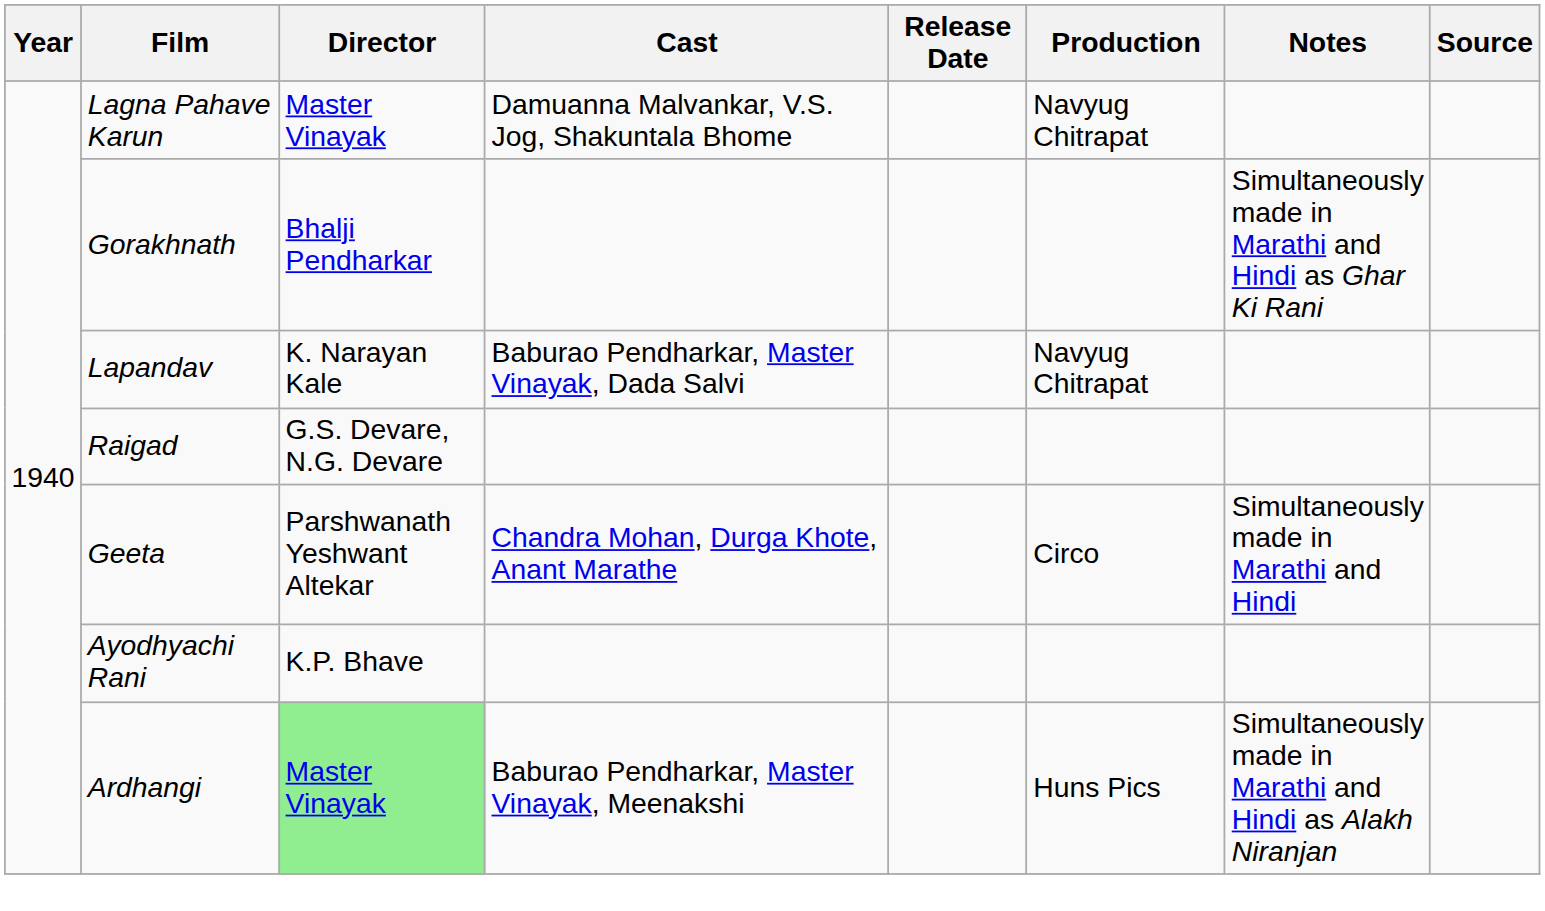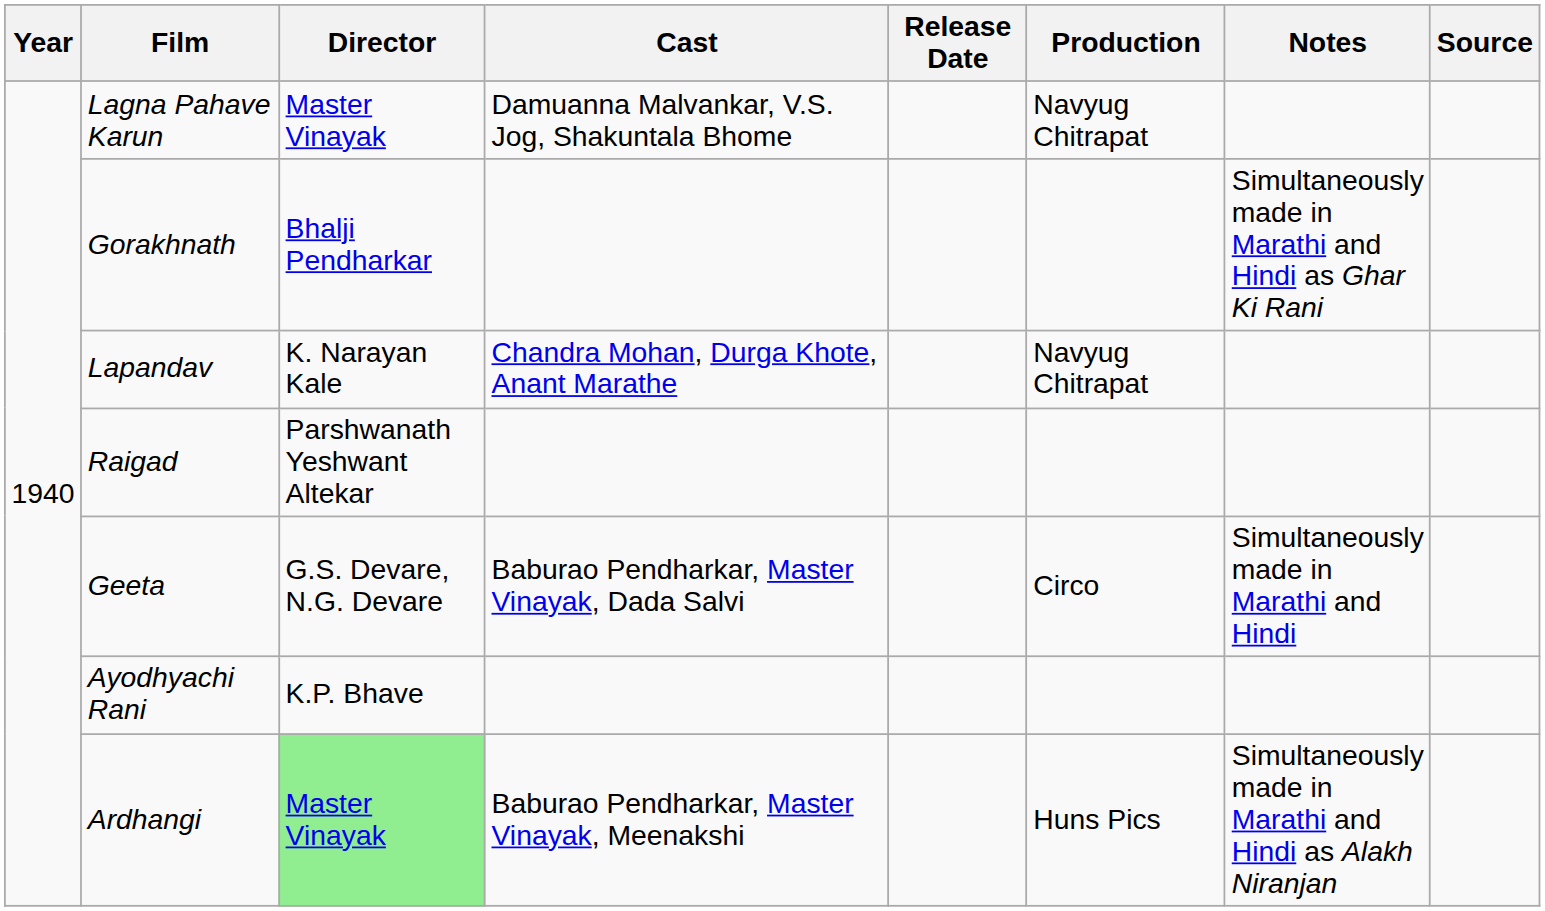 <table class ="wikitable sortable collapsible">
 <tr>
 <th style="width: 05%;">Year</th>
 <th style="width: 15%;">Film</th>
 <th style="width: 15%;">Director</th>
 <th style="width: 40%;" class="unsortable">Cast</th>
 <th style="width: 10%;">Release Date</th>
 <th style="width: 15%;" class="unsortable">Production</th>
 <th style="width: 15%;" class="unsortable">Notes</th>
 <th style="width: 15%;" class="unsortable">Source</th>
 </tr>
 <tr>
 <td rowspan=7 align="center">1940</td>
 <td><em>Lagna Pahave Karun</em></td>
 <td><a href='#'>Master Vinayak</a></td>
 <td>Damuanna Malvankar, V.S. Jog, Shakuntala Bhome</td>
 <td></td>
 <td>Navyug Chitrapat</td>
 <td></td>
 <td></td>
 </tr>
 <tr>
 <td><em>Gorakhnath</em></td>
 <td><a href='#'>Bhalji Pendharkar</a></td>
 <td></td>
 <td></td>
 <td></td>
 <td>Simultaneously made in <a href='#'>Marathi</a> and <a href='#'>Hindi</a> as <em>Ghar Ki Rani</em></td>
 <td></td>
 </tr>
 <tr>
 <td><em>Lapandav</em></td>
 <td>K. Narayan Kale</td>
-<td>Baburao Pendharkar, <a href='#'>Master Vinayak</a>, Dada Salvi</td>
+<td><a href='#'>Chandra Mohan</a>, <a href='#'>Durga Khote</a>, <a href='#'>Anant Marathe</a></td>
 <td></td>
 <td>Navyug Chitrapat</td>
 <td></td>
 <td></td>
 </tr>
 <tr>
 <td><em>Raigad</em></td>
-<td>G.S. Devare, N.G. Devare</td>
+<td>Parshwanath Yeshwant Altekar</td>
 <td></td>
 <td></td>
 <td></td>
 <td></td>
 <td></td>
 </tr>
 <tr>
 <td><em>Geeta</em></td>
-<td>Parshwanath Yeshwant Altekar</td>
-<td><a href='#'>Chandra Mohan</a>, <a href='#'>Durga Khote</a>, <a href='#'>Anant Marathe</a></td>
+<td>G.S. Devare, N.G. Devare</td>
+<td>Baburao Pendharkar, <a href='#'>Master Vinayak</a>, Dada Salvi</td>
 <td></td>
 <td>Circo</td>
 <td>Simultaneously made in <a href='#'>Marathi</a> and <a href='#'>Hindi</a></td>
 <td></td>
 </tr>
 <tr>
 <td><em>Ayodhyachi Rani </em></td>
 <td>K.P. Bhave</td>
 <td></td>
 <td></td>
 <td></td>
 <td></td>
 <td></td>
 </tr>
 <tr>
 <td><em>Ardhangi</em></td>
 <td style="background: lightgreen;"><a href='#'>Master Vinayak</a></td>
 <td>Baburao Pendharkar,  <a href='#'>Master Vinayak</a>, Meenakshi</td>
 <td></td>
 <td>Huns Pics</td>
 <td>Simultaneously made in <a href='#'>Marathi</a> and <a href='#'>Hindi</a> as <em>Alakh Niranjan</em></td>
 <td></td>
 </tr>
 </table>
